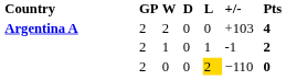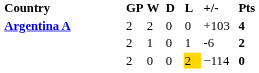 <table>
 <tr ---->
 <td width="150"><strong>Country</strong></td>
 <td width="20"><strong>GP</strong></td>
 <td width="20"><strong>W</strong></td>
 <td width="20"><strong>D</strong></td>
 <td width="20"><strong>L</strong></td>
 <td width="40"><strong>+/-</strong></td>
 <td width="20"><strong>Pts</strong></td>
 </tr>
 <tr ---->
 <td> <strong><a href='#'>Argentina A</a></strong></td>
 <td>2</td>
 <td>2</td>
 <td>0</td>
 <td>0</td>
 <td>+103</td>
 <td><strong>4</strong></td>
 </tr>
 <tr ---->
 <td></td>
 <td>2</td>
 <td>1</td>
 <td>0</td>
 <td>1</td>
-<td>-1</td>
+<td>-6</td>
 <td><strong>2</strong></td>
 </tr>
 <tr ---->
 <td></td>
 <td>2</td>
 <td>0</td>
 <td>0</td>
 <td style="background: gold;">2</td>
-<td>−110</td>
+<td>−114</td>
 <td><strong>0</strong></td>
 </tr>
 </table>
